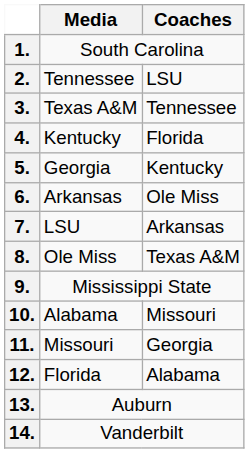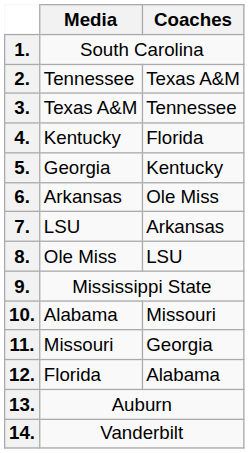 <table class="wikitable" style="white-space:nowrap; font-size:90%;">
 <tr>
 <td ! colspan=1 style="background:white; border-top-style:hidden; border-left-style:hidden;"></td>
 <th>Media</th>
 <th>Coaches</th>
 </tr>
 <tr>
 <th>1.</th>
 <td colspan=2 style="text-align:center;">South Carolina</td>
 </tr>
 <tr>
 <th>2.</th>
 <td>Tennessee</td>
-<td>LSU</td>
+<td>Texas A&M</td>
 </tr>
 <tr>
 <th>3.</th>
 <td>Texas A&M</td>
 <td>Tennessee</td>
 </tr>
 <tr>
 <th>4.</th>
 <td>Kentucky</td>
 <td>Florida</td>
 </tr>
 <tr>
 <th>5.</th>
 <td>Georgia</td>
 <td>Kentucky</td>
 </tr>
 <tr>
 <th>6.</th>
 <td>Arkansas</td>
 <td>Ole Miss</td>
 </tr>
 <tr>
 <th>7.</th>
 <td>LSU</td>
 <td>Arkansas</td>
 </tr>
 <tr>
 <th>8.</th>
 <td>Ole Miss</td>
-<td>Texas A&M</td>
+<td>LSU</td>
 </tr>
 <tr>
 <th>9.</th>
 <td colspan=2 style="text-align:center;">Mississippi State</td>
 </tr>
 <tr>
 <th>10.</th>
 <td>Alabama</td>
 <td>Missouri</td>
 </tr>
 <tr>
 <th>11.</th>
 <td>Missouri</td>
 <td>Georgia</td>
 </tr>
 <tr>
 <th>12.</th>
 <td>Florida</td>
 <td>Alabama</td>
 </tr>
 <tr>
 <th>13.</th>
 <td colspan=2 style="text-align:center;">Auburn</td>
 </tr>
 <tr>
 <th>14.</th>
 <td colspan=2 style="text-align:center;">Vanderbilt</td>
 </tr>
 </table>
